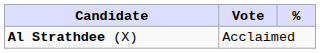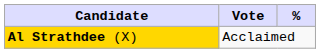 <table class="wikitable">
 <tr>
 <th style="background:#ddf; width:200px;">Candidate</th>
 <th style="background:#ddf; width:50px;">Vote</th>
 <th style="background:#ddf; width:30px;">%</th>
 </tr>
 <tr>
-<td><strong>Al Strathdee</strong> (X)</td>
+<td style="background: gold;"><strong>Al Strathdee</strong> (X)</td>
 <td colspan="2">Acclaimed</td>
 </tr>
 </table>
